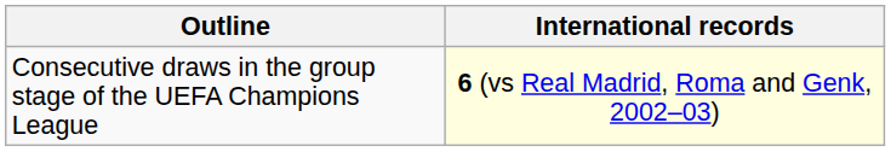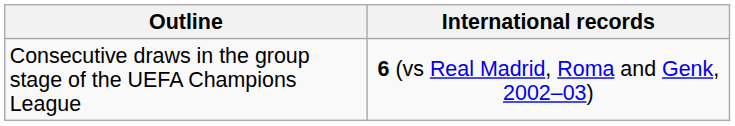 <table class="wikitable" style="text-align: center; font-size:95%">
 <tr>
 <th width="250">Outline</th>
 <th width="250">International records</th>
 </tr>
 <tr>
 <td align="left">Consecutive draws in the group stage of the UEFA Champions League</td>
-<td style="background: lightyellow;"><strong>6</strong> (vs <a href='#'>Real Madrid</a>, <a href='#'>Roma</a> and <a href='#'>Genk</a>, <a href='#'>2002–03</a>)</td>
+<td><strong>6</strong> (vs <a href='#'>Real Madrid</a>, <a href='#'>Roma</a> and <a href='#'>Genk</a>, <a href='#'>2002–03</a>)</td>
 </tr>
 </table>
